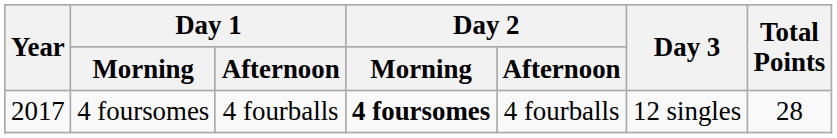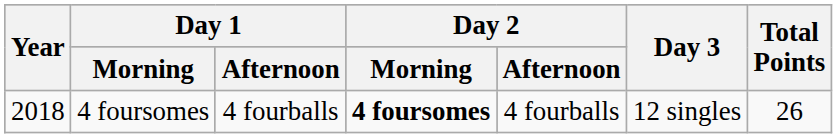 <table class="wikitable" style="text-align:center;">
 <tr>
 <th rowspan=2>Year</th>
 <th colspan=2>Day 1</th>
 <th colspan=2>Day 2</th>
 <th rowspan=2>Day 3</th>
 <th rowspan=2>Total<br>Points</th>
 </tr>
 <tr>
 <th>Morning</th>
 <th>Afternoon</th>
 <th>Morning</th>
 <th>Afternoon</th>
 </tr>
 <tr>
-<td>2017</td>
+<td>2018</td>
 <td>4 foursomes</td>
 <td>4 fourballs</td>
 <td><strong>4 foursomes</strong></td>
 <td>4 fourballs</td>
 <td>12 singles</td>
-<td>28</td>
+<td>26</td>
 </tr>
 </table>
